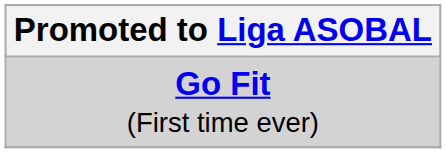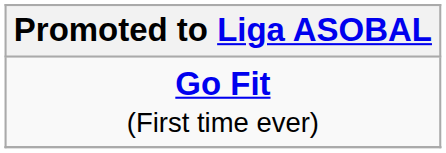 <table class="wikitable" style="text-align: center; margin: 0 auto;">
 <tr>
 <th colspan="2">Promoted to <a href='#'>Liga ASOBAL</a></th>
 </tr>
 <tr>
-<td style="background: lightgrey;"><strong><a href='#'>Go Fit</a></strong><br><small>(First time ever)</small></td>
+<td><strong><a href='#'>Go Fit</a></strong><br><small>(First time ever)</small></td>
 </tr>
 <tr>
 </tr>
 </table>
